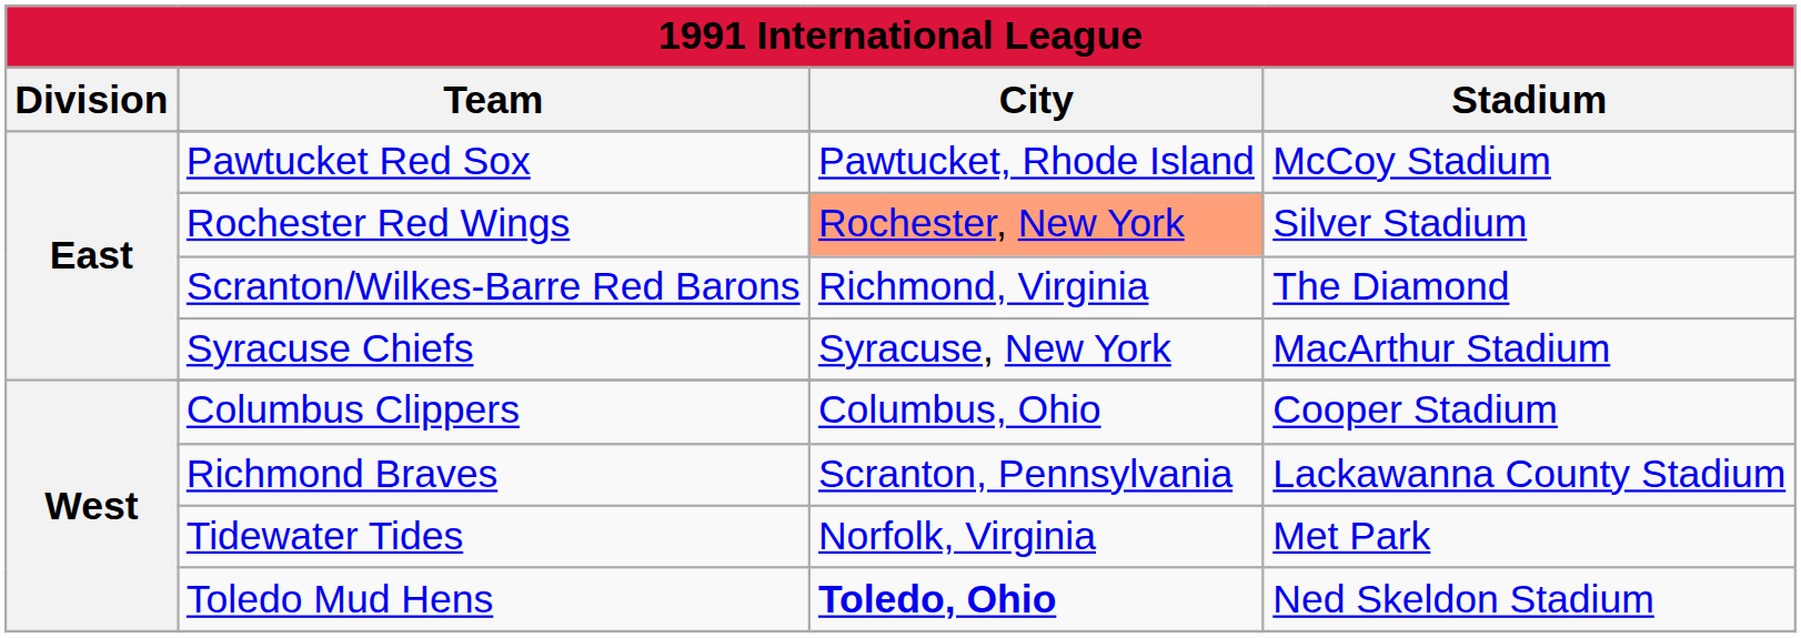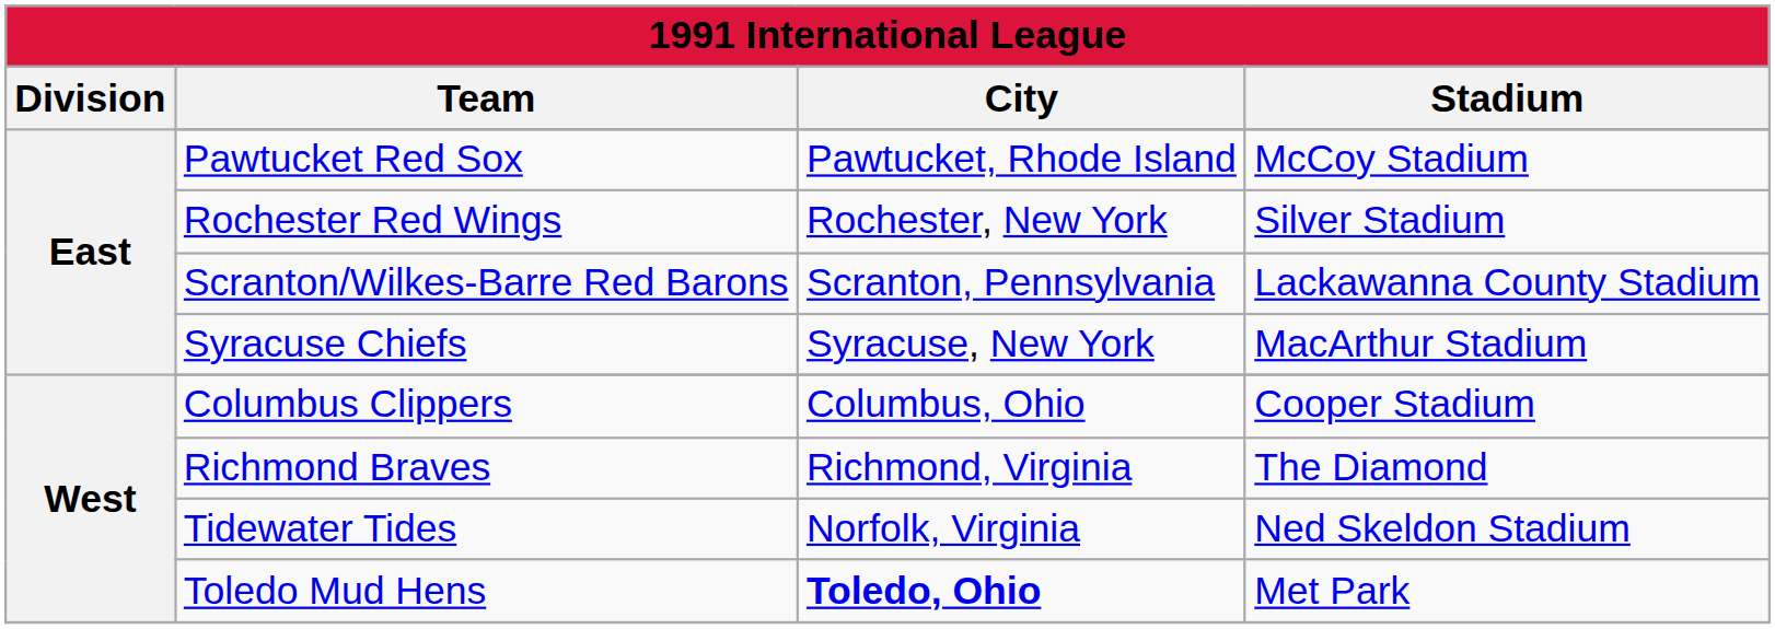 <table class="wikitable" style="width:auto">
 <tr>
 <td bgcolor="#DC143C" align="center" colspan="7"><strong><span>1991 International League</span></strong></td>
 </tr>
 <tr>
 <th>Division</th>
 <th>Team</th>
 <th>City</th>
 <th>Stadium</th>
 </tr>
 <tr>
 <th rowspan="5">East</th>
 </tr>
 <tr>
 <td><a href='#'>Pawtucket Red Sox</a></td>
 <td><a href='#'>Pawtucket, Rhode Island</a></td>
 <td><a href='#'>McCoy Stadium</a></td>
 </tr>
 <tr>
 <td><a href='#'>Rochester Red Wings</a></td>
-<td style="background: lightsalmon;"><a href='#'>Rochester</a>, <a href='#'>New York</a></td>
+<td><a href='#'>Rochester</a>, <a href='#'>New York</a></td>
 <td><a href='#'>Silver Stadium</a></td>
 </tr>
 <tr>
 <td><a href='#'>Scranton/Wilkes-Barre Red Barons</a></td>
-<td><a href='#'>Richmond, Virginia</a></td>
-<td><a href='#'>The Diamond</a></td>
+<td><a href='#'>Scranton, Pennsylvania</a></td>
+<td><a href='#'>Lackawanna County Stadium</a></td>
 </tr>
 <tr>
 <td><a href='#'>Syracuse Chiefs</a></td>
 <td><a href='#'>Syracuse</a>, <a href='#'>New York</a></td>
 <td><a href='#'>MacArthur Stadium</a></td>
 </tr>
 <tr>
 <th rowspan="5">West</th>
 </tr>
 <tr>
 <td><a href='#'>Columbus Clippers</a></td>
 <td><a href='#'>Columbus, Ohio</a></td>
 <td><a href='#'>Cooper Stadium</a></td>
 </tr>
 <tr>
 <td><a href='#'>Richmond Braves</a></td>
-<td><a href='#'>Scranton, Pennsylvania</a></td>
-<td><a href='#'>Lackawanna County Stadium</a></td>
+<td><a href='#'>Richmond, Virginia</a></td>
+<td><a href='#'>The Diamond</a></td>
 </tr>
 <tr>
 <td><a href='#'>Tidewater Tides</a></td>
 <td><a href='#'>Norfolk, Virginia</a></td>
-<td><a href='#'>Met Park</a></td>
+<td><a href='#'>Ned Skeldon Stadium</a></td>
 </tr>
 <tr>
 <td><a href='#'>Toledo Mud Hens</a></td>
 <td><strong><a href='#'>Toledo, Ohio</a></strong></td>
-<td><a href='#'>Ned Skeldon Stadium</a></td>
+<td><a href='#'>Met Park</a></td>
 </tr>
 <tr>
 </tr>
 </table>
